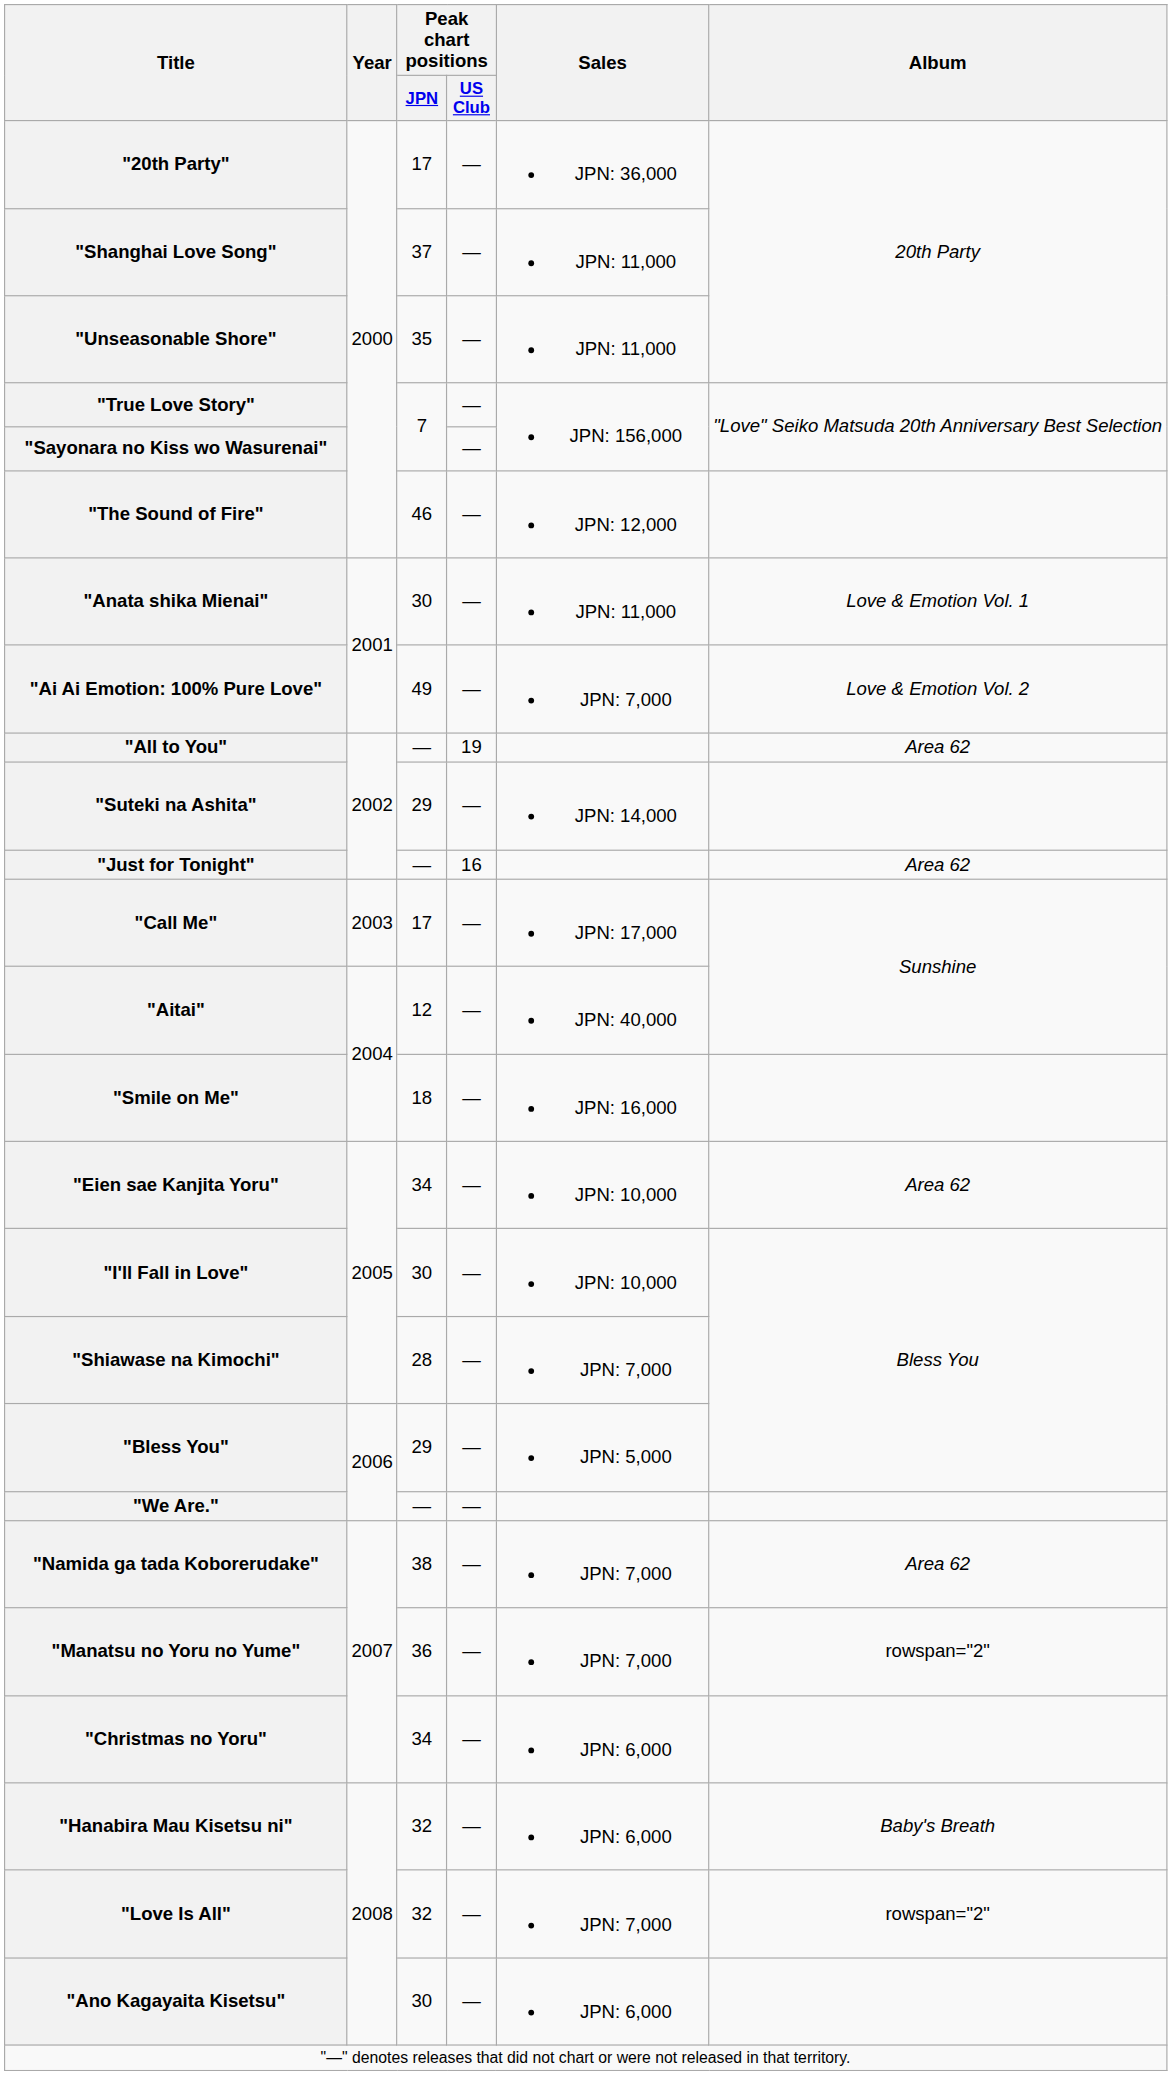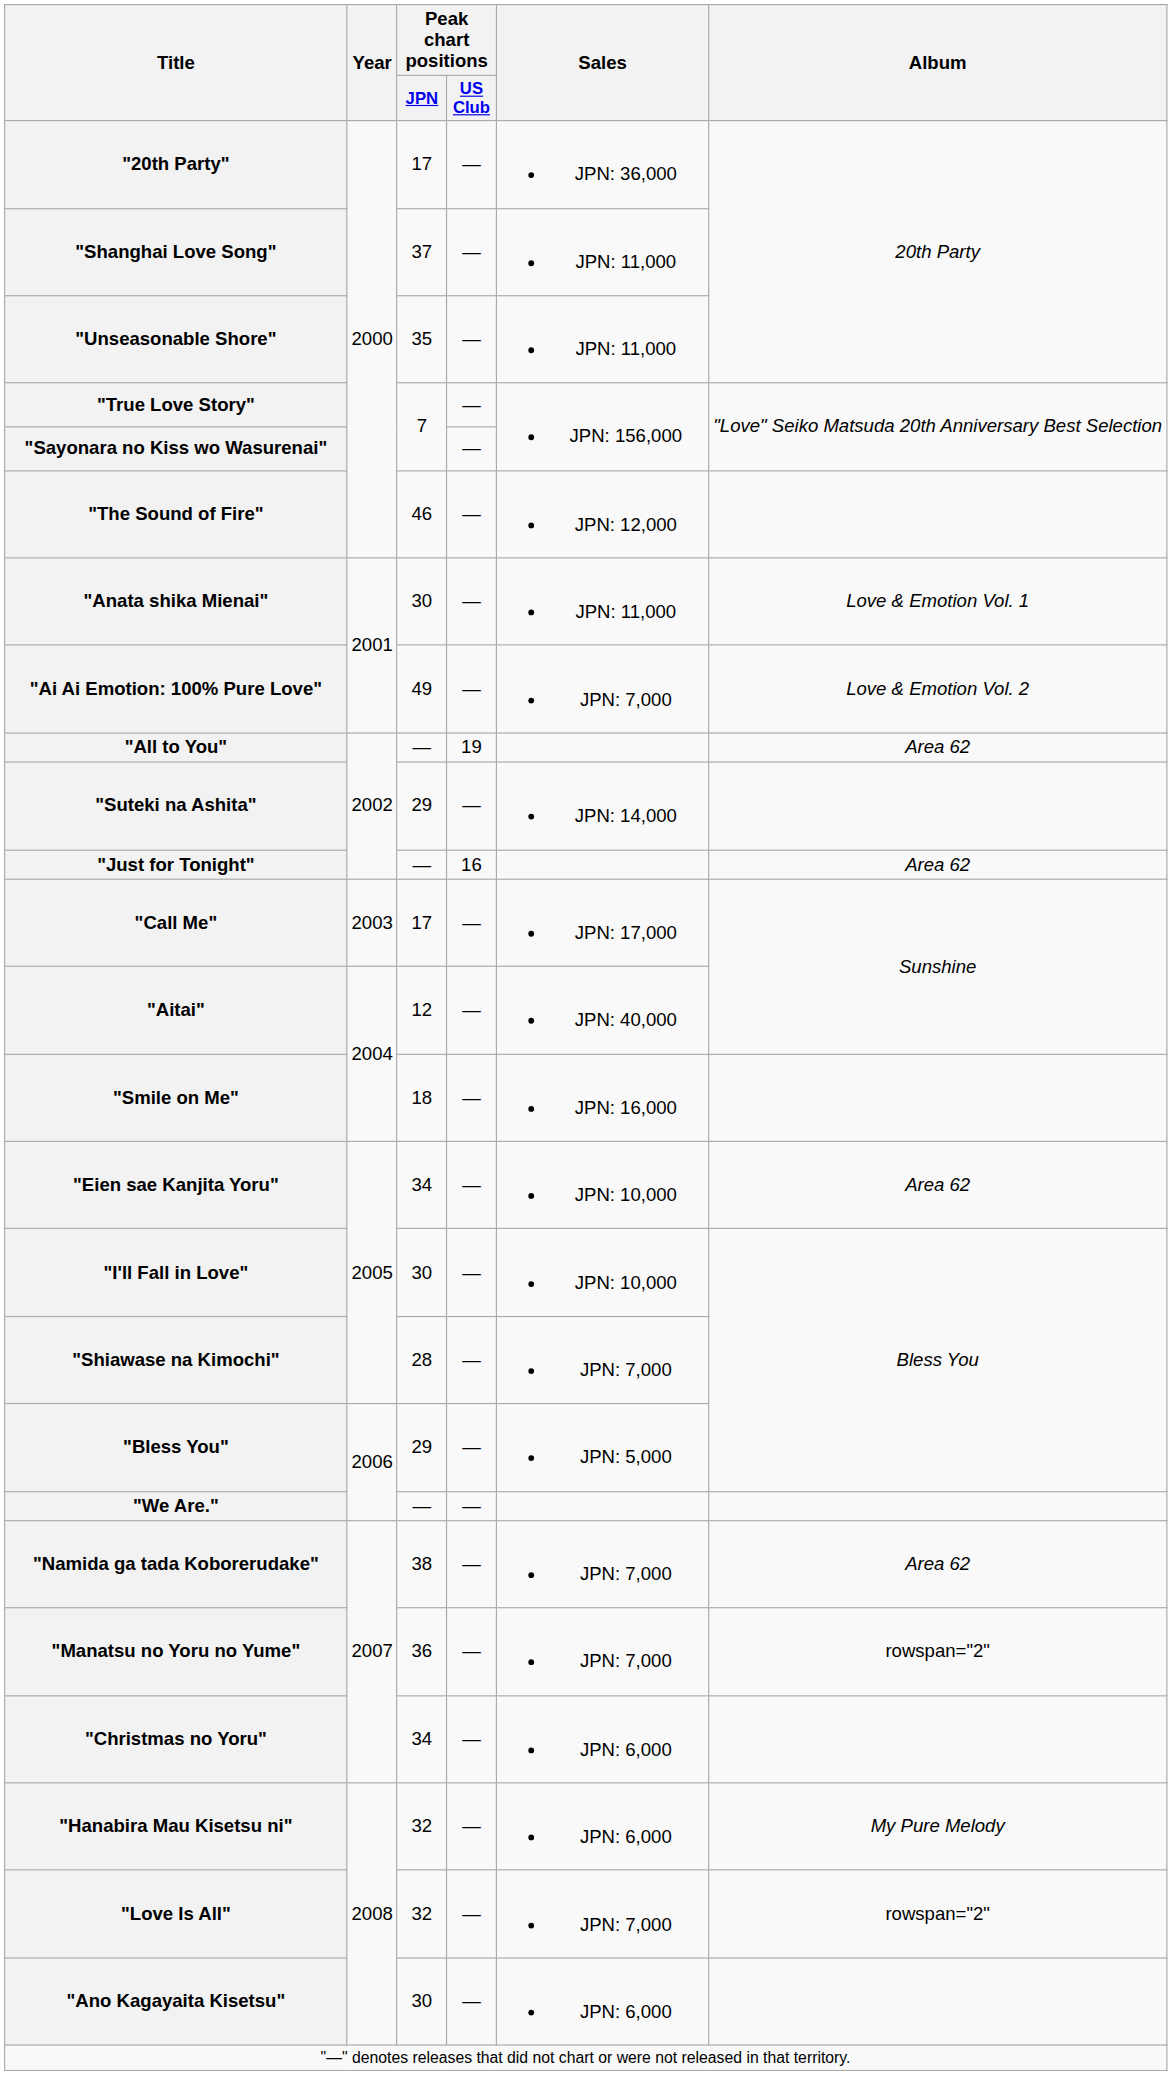 <table class="wikitable plainrowheaders" style="text-align:center">
 <tr>
 <th scope="col" rowspan="2" style="width:18em;">Title</th>
 <th scope="col" rowspan="2">Year</th>
 <th scope="col" colspan="2">Peak chart positions</th>
 <th scope="col" rowspan="2" style="width:11em;">Sales</th>
 <th scope="col" rowspan="2">Album</th>
 </tr>
 <tr>
 <th scope="col" style="width:2.5em; font-size:90%;"><a href='#'>JPN</a></th>
 <th scope="col" style="width:2.5em; font-size:90%;"><a href='#'>US<br>Club</a></th>
 </tr>
 <tr>
 <th scope="row">"20th Party"</th>
 <td rowspan="6">2000</td>
 <td>17</td>
 <td>—</td>
 <td><br><ul><li>JPN: 36,000</li></ul></td>
 <td rowspan="3"><em>20th Party</em></td>
 </tr>
 <tr>
 <th scope="row">"Shanghai Love Song"</th>
 <td>37</td>
 <td>—</td>
 <td><br><ul><li>JPN: 11,000</li></ul></td>
 </tr>
 <tr>
 <th scope="row">"Unseasonable Shore"</th>
 <td>35</td>
 <td>—</td>
 <td><br><ul><li>JPN: 11,000</li></ul></td>
 </tr>
 <tr>
 <th scope="row">"True Love Story"<br></th>
 <td rowspan="2">7</td>
 <td>—</td>
 <td rowspan="2"><br><ul><li>JPN: 156,000</li></ul></td>
 <td rowspan="2"><em>"Love" Seiko Matsuda 20th Anniversary Best Selection</em></td>
 </tr>
 <tr>
 <th scope="row">"Sayonara no Kiss wo Wasurenai"<br></th>
 <td>—</td>
 </tr>
 <tr>
 <th scope="row">"The Sound of Fire"</th>
 <td>46</td>
 <td>—</td>
 <td><br><ul><li>JPN: 12,000</li></ul></td>
 <td></td>
 </tr>
 <tr>
 <th scope="row">"Anata shika Mienai"</th>
 <td rowspan="2">2001</td>
 <td>30</td>
 <td>—</td>
 <td><br><ul><li>JPN: 11,000</li></ul></td>
 <td><em>Love & Emotion Vol. 1</em></td>
 </tr>
 <tr>
 <th scope="row">"Ai Ai Emotion: 100% Pure Love"</th>
 <td>49</td>
 <td>—</td>
 <td><br><ul><li>JPN: 7,000</li></ul></td>
 <td><em>Love & Emotion Vol. 2</em></td>
 </tr>
 <tr>
 <th scope="row">"All to You"</th>
 <td rowspan="3">2002</td>
 <td>—</td>
 <td>19</td>
 <td></td>
 <td><em>Area 62</em></td>
 </tr>
 <tr>
 <th scope="row">"Suteki na Ashita"</th>
 <td>29</td>
 <td>—</td>
 <td><br><ul><li>JPN: 14,000</li></ul></td>
 <td></td>
 </tr>
 <tr>
 <th scope="row">"Just for Tonight"</th>
 <td>—</td>
 <td>16</td>
 <td></td>
 <td><em>Area 62</em></td>
 </tr>
 <tr>
 <th scope="row">"Call Me"</th>
 <td>2003</td>
 <td>17</td>
 <td>—</td>
 <td><br><ul><li>JPN: 17,000</li></ul></td>
 <td rowspan="2"><em>Sunshine</em></td>
 </tr>
 <tr>
 <th scope="row">"Aitai"</th>
 <td rowspan="2">2004</td>
 <td>12</td>
 <td>—</td>
 <td><br><ul><li>JPN: 40,000</li></ul></td>
 </tr>
 <tr>
 <th scope="row">"Smile on Me"<br> </th>
 <td>18</td>
 <td>—</td>
 <td><br><ul><li>JPN: 16,000</li></ul></td>
 <td></td>
 </tr>
 <tr>
 <th scope="row">"Eien sae Kanjita Yoru"</th>
 <td rowspan="3">2005</td>
 <td>34</td>
 <td>—</td>
 <td><br><ul><li>JPN: 10,000</li></ul></td>
 <td><em>Area 62</em></td>
 </tr>
 <tr>
 <th scope="row">"I'll Fall in Love"</th>
 <td>30</td>
 <td>—</td>
 <td><br><ul><li>JPN: 10,000</li></ul></td>
 <td rowspan="3"><em>Bless You</em></td>
 </tr>
 <tr>
 <th scope="row">"Shiawase na Kimochi"</th>
 <td>28</td>
 <td>—</td>
 <td><br><ul><li>JPN: 7,000</li></ul></td>
 </tr>
 <tr>
 <th scope="row">"Bless You"</th>
 <td rowspan="2">2006</td>
 <td>29</td>
 <td>—</td>
 <td><br><ul><li>JPN: 5,000</li></ul></td>
 </tr>
 <tr>
 <th scope="row">"We Are."<br></th>
 <td>—</td>
 <td>—</td>
 <td></td>
 <td></td>
 </tr>
 <tr>
 <th scope="row">"Namida ga tada Koborerudake"</th>
 <td rowspan="3">2007</td>
 <td>38</td>
 <td>—</td>
 <td><br><ul><li>JPN: 7,000</li></ul></td>
 <td><em>Area 62</em></td>
 </tr>
 <tr>
 <th scope="row">"Manatsu no Yoru no Yume"<br></th>
 <td>36</td>
 <td>—</td>
 <td><br><ul><li>JPN: 7,000</li></ul></td>
 <td>rowspan="2" </td>
 </tr>
 <tr>
 <th scope="row">"Christmas no Yoru"</th>
 <td>34</td>
 <td>—</td>
 <td><br><ul><li>JPN: 6,000</li></ul></td>
 </tr>
 <tr>
 <th scope="row">"Hanabira Mau Kisetsu ni"</th>
 <td rowspan="3">2008</td>
 <td>32</td>
 <td>—</td>
 <td><br><ul><li>JPN: 6,000</li></ul></td>
-<td><em>Baby's Breath</em></td>
+<td><em>My Pure Melody</em></td>
 </tr>
 <tr>
 <th scope="row">"Love Is All"</th>
 <td>32</td>
 <td>—</td>
 <td><br><ul><li>JPN: 7,000</li></ul></td>
 <td>rowspan="2" </td>
 </tr>
 <tr>
 <th scope="row">"Ano Kagayaita Kisetsu"</th>
 <td>30</td>
 <td>—</td>
 <td><br><ul><li>JPN: 6,000</li></ul></td>
 </tr>
 <tr>
 <td align="center" colspan="7" style="font-size:85%">"—" denotes releases that did not chart or were not released in that territory.</td>
 </tr>
 </table>
